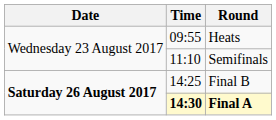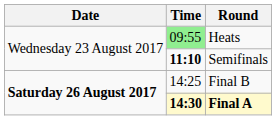 <table class="wikitable">
 <tr>
 <th>Date</th>
 <th>Time</th>
 <th>Round</th>
 </tr>
 <tr>
 <td rowspan=2>Wednesday 23 August 2017</td>
-<td>09:55</td>
+<td style="background: lightgreen;">09:55</td>
 <td>Heats</td>
 </tr>
 <tr>
-<td>11:10</td>
+<td><strong>11:10</strong></td>
 <td>Semifinals</td>
 </tr>
 <tr>
 <td rowspan=2><strong>Saturday 26 August 2017</strong></td>
 <td>14:25</td>
 <td>Final B</td>
 </tr>
 <tr>
 <td style=background:lemonchiffon><strong>14:30</strong></td>
 <td style=background:lemonchiffon><strong>Final A</strong></td>
 </tr>
 </table>
